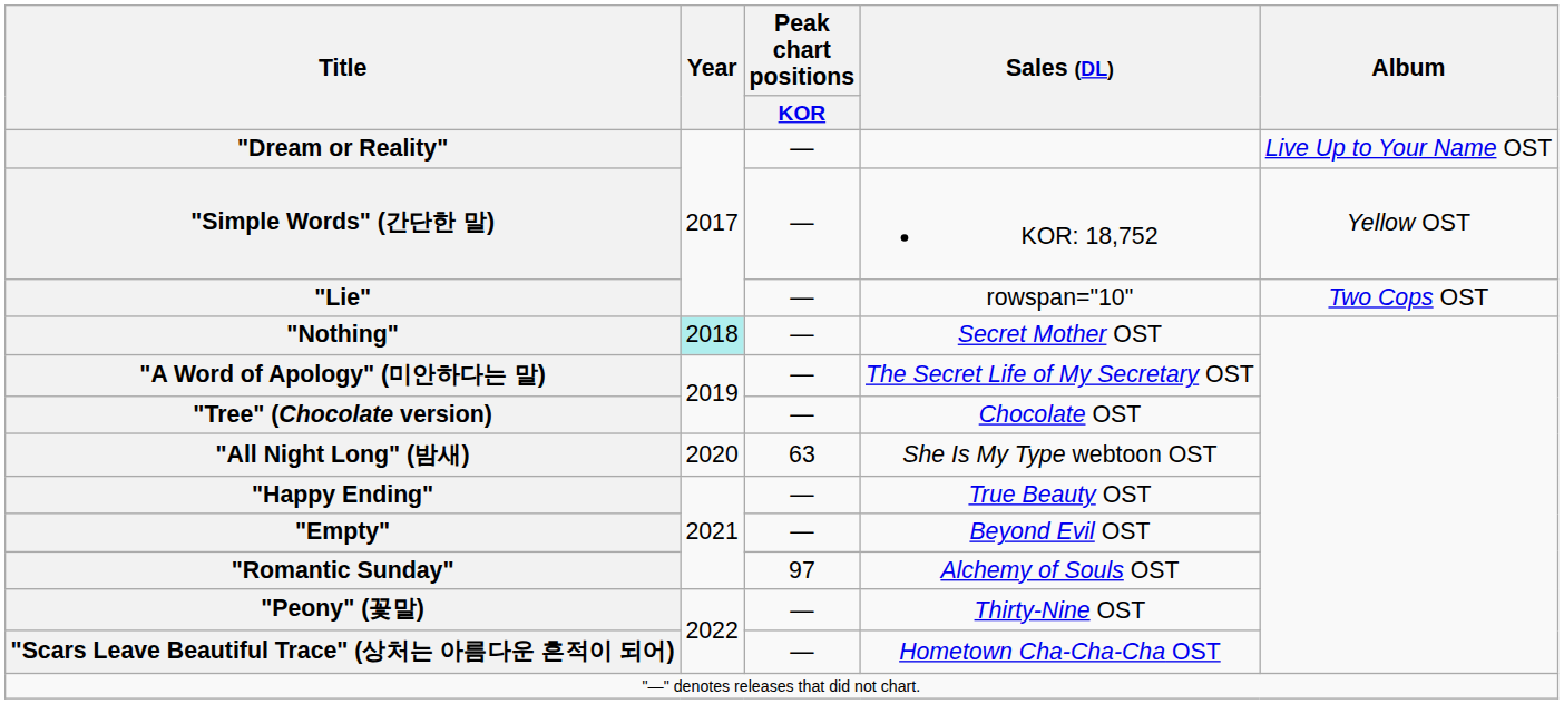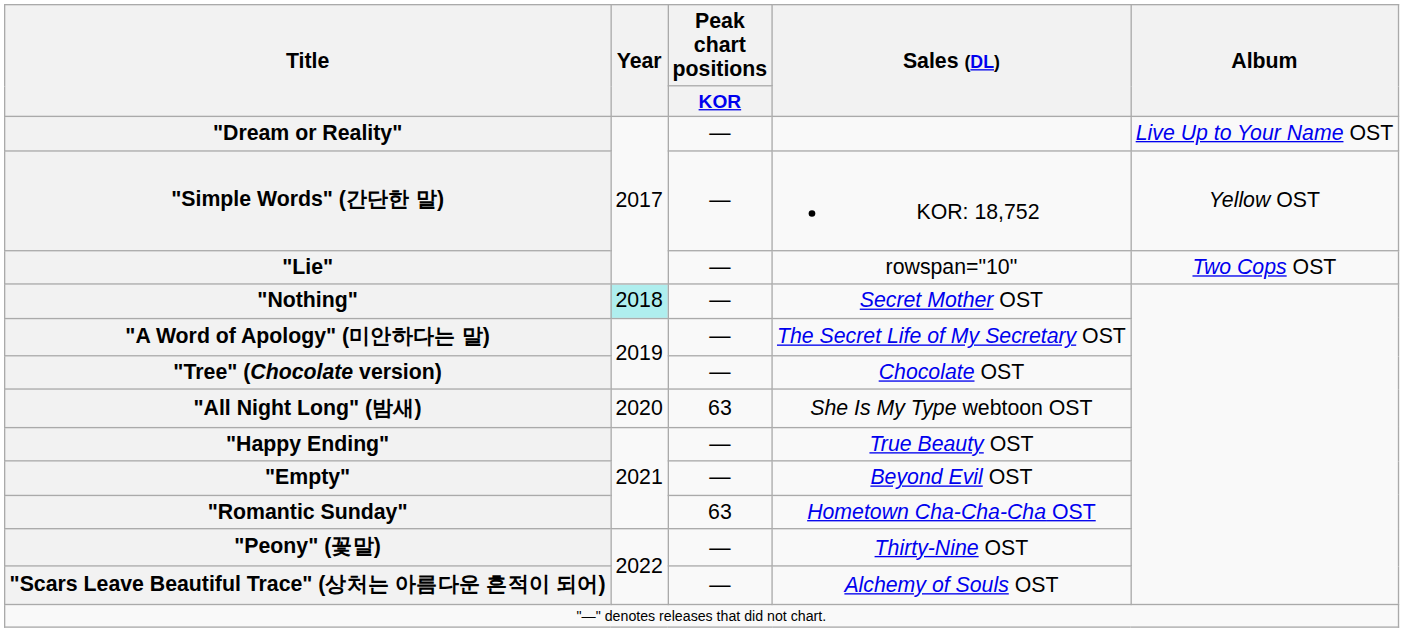 <table class="wikitable plainrowheaders" style="text-align:center;">
 <tr>
 <th rowspan="2" scope="col">Title</th>
 <th rowspan="2" scope="col">Year</th>
 <th colspan="1" scope="col">Peak chart <br>positions</th>
 <th rowspan="2" scope="col">Sales <small>(<a href='#'>DL</a>)</small></th>
 <th rowspan="2" scope="col">Album</th>
 </tr>
 <tr>
 <th scope="col" style="width:3.5em;font-size:90%;"><a href='#'>KOR</a><br></th>
 </tr>
 <tr>
 <th scope="row">"Dream or Reality"</th>
 <td rowspan="3">2017</td>
 <td>—</td>
 <td></td>
 <td><em><a href='#'>Live Up to Your Name</a></em> OST</td>
 </tr>
 <tr>
 <th scope="row">"Simple Words" (간단한 말)</th>
 <td>—</td>
 <td><br><ul><li>KOR: 18,752</li></ul></td>
 <td><em>Yellow</em> OST</td>
 </tr>
 <tr>
 <th scope="row">"Lie"</th>
 <td>—</td>
 <td>rowspan="10" </td>
 <td><em><a href='#'>Two Cops</a></em> OST</td>
 </tr>
 <tr>
 <th scope="row">"Nothing"</th>
 <td style="background: paleturquoise;">2018</td>
 <td>—</td>
 <td><em><a href='#'>Secret Mother</a></em> OST</td>
 </tr>
 <tr>
 <th scope="row">"A Word of Apology" (미안하다는 말)</th>
 <td rowspan="2">2019</td>
 <td>—</td>
 <td><em><a href='#'>The Secret Life of My Secretary</a></em> OST</td>
 </tr>
 <tr>
 <th scope="row">"Tree" (<em>Chocolate</em> version)</th>
 <td>—</td>
 <td><em><a href='#'>Chocolate</a></em> OST</td>
 </tr>
 <tr>
 <th scope="row">"All Night Long" (밤새)</th>
 <td>2020</td>
 <td>63</td>
 <td><em>She Is My Type</em> webtoon OST</td>
 </tr>
 <tr>
 <th scope="row">"Happy Ending"</th>
 <td rowspan="3">2021</td>
 <td>—</td>
 <td><em><a href='#'>True Beauty</a></em> OST</td>
 </tr>
 <tr>
 <th scope="row">"Empty"</th>
 <td>—</td>
 <td><em><a href='#'>Beyond Evil</a></em> OST</td>
 </tr>
 <tr>
 <th scope="row">"Romantic Sunday"</th>
-<td>97</td>
-<td><em><a href='#'>Alchemy of Souls</a></em> OST</td>
+<td>63</td>
+<td><a href='#'><em>Hometown Cha-Cha-Cha</em> OST</a></td>
 </tr>
 <tr>
 <th scope="row">"Peony" (꽃말)</th>
 <td rowspan="2">2022</td>
 <td>—</td>
 <td><em><a href='#'>Thirty-Nine</a></em> OST</td>
 </tr>
 <tr>
 <th scope="row">"Scars Leave Beautiful Trace" (상처는 아름다운 흔적이 되어)</th>
 <td>—</td>
-<td><a href='#'><em>Hometown Cha-Cha-Cha</em> OST</a></td>
+<td><em><a href='#'>Alchemy of Souls</a></em> OST</td>
 </tr>
 <tr>
 <td colspan="5" align="center" style="font-size:8pt;">"—" denotes releases that did not chart.</td>
 </tr>
 </table>
